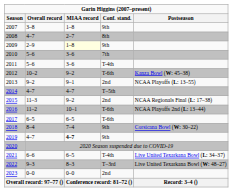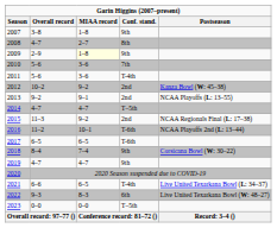 <table class="wikitable"  style="float:right; font-size:55%; clear:right; margin:0 0 1em 1em;">
 <tr>
 <td colspan="5" style="text-align:center; font-size:100%; "><strong>Garin Higgins (2007–present)</strong></td>
 </tr>
 <tr>
 <th>Season</th>
 <th>Overall record</th>
 <th>MIAA record</th>
 <th>Conf. stand.</th>
 <th>Postseason</th>
 </tr>
 <tr>
 <td>2007</td>
 <td>3–8</td>
 <td>1–8</td>
 <td>9th</td>
 <td></td>
 </tr>
 <tr style="background:silver;">
 <td>2008</td>
 <td>4–7</td>
 <td>2–7</td>
 <td>8th</td>
 <td></td>
 </tr>
 <tr>
 <td>2009</td>
 <td>2–9</td>
 <td style="background: lightyellow;">1–8</td>
 <td>9th</td>
 <td></td>
 </tr>
 <tr style="background:silver;">
 <td>2010</td>
 <td>5–6</td>
 <td>3–6</td>
 <td>7th</td>
 <td></td>
 </tr>
 <tr>
 <td>2011</td>
 <td>5–6</td>
 <td>3–6</td>
 <td>T-4th</td>
 <td></td>
 </tr>
 <tr style="background:silver;">
 <td>2012</td>
 <td>10–2</td>
 <td>9–2</td>
-<td>T-6th</td>
+<td>2nd</td>
 <td><a href='#'>Kanza Bowl</a> (<strong>W</strong>: 45–38)</td>
 </tr>
 <tr>
 <td>2013</td>
 <td>9–2</td>
 <td>9–1</td>
 <td>2nd</td>
 <td>NCAA Playoffs (<strong>L</strong>: 13–55)</td>
 </tr>
 <tr style="background:silver;">
 <td><a href='#'>2014</a></td>
 <td>4–7</td>
 <td>4–7</td>
 <td>T–5th</td>
 <td></td>
 </tr>
 <tr>
 <td><a href='#'>2015</a></td>
 <td>11–3</td>
 <td>9–2</td>
 <td>2nd</td>
 <td>NCAA Regionals Final (<strong>L</strong>: 17–38)</td>
 </tr>
 <tr style="background:silver;">
 <td><a href='#'>2016</a></td>
 <td>11–2</td>
 <td>10–1</td>
 <td>T-6th</td>
 <td>NCAA Playoffs 2nd (<strong>L</strong>: 13–44)</td>
 </tr>
 <tr>
 <td><a href='#'>2017</a></td>
 <td>6–5</td>
 <td>6–5</td>
 <td>T-6th</td>
 <td></td>
 </tr>
 <tr style="background:silver;">
 <td><a href='#'>2018</a></td>
 <td>8–4</td>
 <td>7–4</td>
 <td>9th</td>
 <td><a href='#'>Corsicana Bowl</a> (<strong>W</strong>: 30–22)</td>
 </tr>
 <tr>
 <td><a href='#'>2019</a></td>
 <td>4–7</td>
-<td><strong>4–7</strong></td>
+<td>4–7</td>
 <td>9th</td>
 <td></td>
 </tr>
 <tr style="background:silver;">
 <td><a href='#'>2020</a></td>
 <td colspan="4" style="text-align:center"><em>2020 Season suspended due to COVID-19</em></td>
 </tr>
 <tr>
 <td><a href='#'>2021</a></td>
 <td>6–6</td>
 <td>6–5</td>
 <td>T-4th</td>
 <td><a href='#'>Live United Texarkana Bowl</a> (<strong>L</strong>: 34–37)</td>
 </tr>
 <tr style="background:silver;">
 <td><a href='#'>2022</a></td>
 <td>9–3</td>
 <td>8–3</td>
-<td>T–3rd</td>
+<td>6th</td>
 <td>Live United Texarkana Bowl (<strong>W</strong>: 48–27)</td>
 </tr>
 <tr>
 <td><a href='#'>2023</a></td>
 <td>0–0</td>
 <td>0–0</td>
-<td>2nd</td>
+<td>T–5th</td>
 <td></td>
 </tr>
 <tr>
 <th colspan="2" style="text-align:center; "><strong>Overall record:</strong> 97–77 ()</th>
 <th colspan="2" style="text-align:center; "><strong>Conference record:</strong> 81–72 ()</th>
 <th style="text-align:center; "><strong>Record:</strong> 3–4 ()</th>
 </tr>
 </table>
